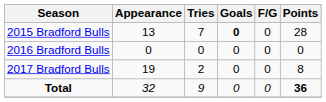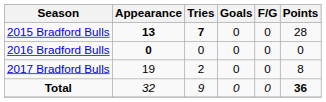 <table class="wikitable" style="text-align:center;">
 <tr bgcolor=#bdb76b>
 <th>Season</th>
 <th>Appearance</th>
 <th>Tries</th>
 <th>Goals</th>
 <th>F/G</th>
 <th>Points</th>
 </tr>
 <tr>
 <td><a href='#'>2015 Bradford Bulls</a></td>
-<td>13</td>
-<td>7</td>
-<td><strong>0</strong></td>
+<td><strong>13</strong></td>
+<td><strong>7</strong></td>
+<td>0</td>
 <td>0</td>
 <td>28</td>
 </tr>
 <tr>
 <td><a href='#'>2016 Bradford Bulls</a></td>
-<td>0</td>
+<td><strong>0</strong></td>
 <td>0</td>
 <td>0</td>
 <td>0</td>
 <td>0</td>
 </tr>
 <tr>
 <td><a href='#'>2017 Bradford Bulls</a></td>
 <td>19</td>
 <td>2</td>
 <td>0</td>
 <td>0</td>
 <td>8</td>
 </tr>
 <tr>
 <td><strong>Total</strong></td>
 <td><em>32</em></td>
 <td><em>9</em></td>
 <td><em>0</em></td>
 <td><em>0</em></td>
 <td><strong>36</strong></td>
 </tr>
 <tr>
 </tr>
 </table>
